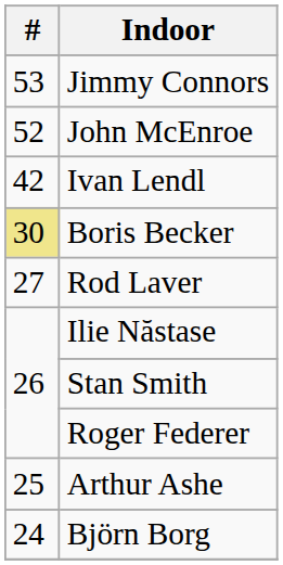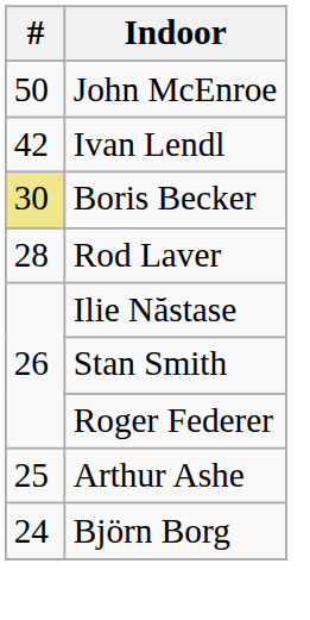 <table class="wikitable" style="display:inline-table;">
 <tr>
 <th width=20>#</th>
 <th>Indoor</th>
 </tr>
 <tr>
-<td>53</td>
-<td> Jimmy Connors</td>
-</tr>
-<tr>
-<td>52</td>
+<td>50</td>
 <td> John McEnroe</td>
 </tr>
 <tr>
 <td>42</td>
 <td> Ivan Lendl</td>
 </tr>
 <tr>
 <td style="background: khaki;">30</td>
 <td> Boris Becker</td>
 </tr>
 <tr>
-<td>27</td>
+<td>28</td>
 <td> Rod Laver</td>
 </tr>
 <tr>
 <td rowspan="3">26</td>
 <td> Ilie Năstase</td>
 </tr>
 <tr>
 <td> Stan Smith</td>
 </tr>
 <tr>
 <td> Roger Federer</td>
 </tr>
 <tr>
 <td>25</td>
 <td> Arthur Ashe</td>
 </tr>
 <tr>
 <td>24</td>
 <td> Björn Borg</td>
 </tr>
 <tr>
 </tr>
 </table>
